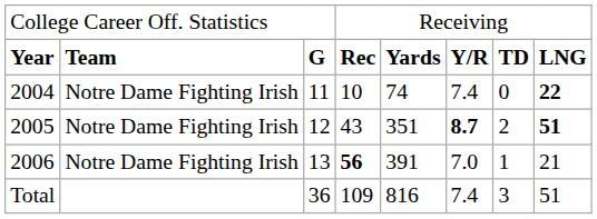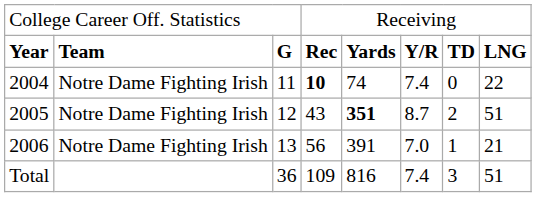 <table class="wikitable" border=0 style="background: #FFFFFF;">
 <tr>
 <td colspan=3>College Career Off. Statistics</td>
 <td colspan=5 align="center">Receiving</td>
 </tr>
 <tr>
 <td><strong>Year</strong></td>
 <td><strong>Team</strong></td>
 <td><strong>G</strong></td>
 <td><strong>Rec</strong></td>
 <td><strong>Yards</strong></td>
 <td><strong>Y/R</strong></td>
 <td><strong>TD</strong></td>
 <td><strong>LNG</strong></td>
 </tr>
 <tr>
 <td>2004</td>
 <td>Notre Dame Fighting Irish</td>
 <td>11</td>
-<td>10</td>
+<td><strong>10</strong></td>
 <td>74</td>
 <td>7.4</td>
 <td>0</td>
-<td><strong>22</strong></td>
+<td>22</td>
 </tr>
 <tr>
 <td>2005</td>
 <td>Notre Dame Fighting Irish</td>
 <td>12</td>
 <td>43</td>
-<td>351</td>
-<td><strong>8.7</strong></td>
+<td><strong>351</strong></td>
+<td>8.7</td>
 <td>2</td>
-<td><strong>51</strong></td>
+<td>51</td>
 </tr>
 <tr>
 <td>2006</td>
 <td>Notre Dame Fighting Irish</td>
 <td>13</td>
-<td><strong>56</strong></td>
+<td>56</td>
 <td>391</td>
 <td>7.0</td>
 <td>1</td>
 <td>21</td>
 </tr>
 <tr>
 <td>Total</td>
 <td></td>
 <td>36</td>
 <td>109</td>
 <td>816</td>
 <td>7.4</td>
 <td>3</td>
 <td>51</td>
 </tr>
 </table>
